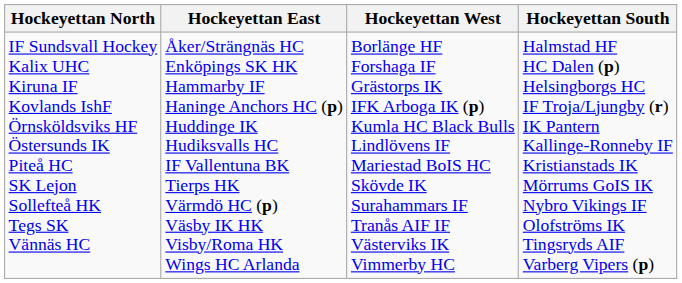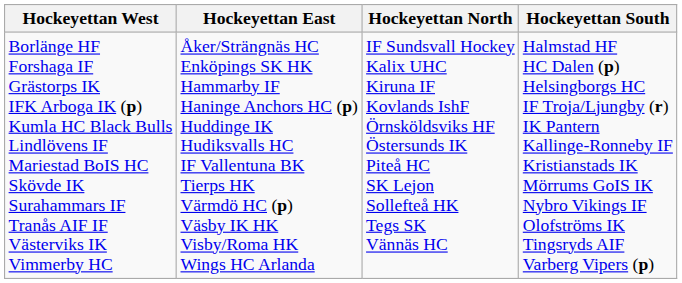 <table class="wikitable">
 <tr>
+<th>Hockeyettan West</th>
+<th>Hockeyettan East</th>
 <th>Hockeyettan North</th>
-<th>Hockeyettan East</th>
-<th>Hockeyettan West</th>
 <th>Hockeyettan South</th>
 </tr>
 <tr>
+<td valign=top><a href='#'>Borlänge HF</a><br><a href='#'>Forshaga IF</a><br><a href='#'>Grästorps IK</a><br><a href='#'>IFK Arboga IK</a> (<strong>p</strong>)<br><a href='#'>Kumla HC Black Bulls</a><br><a href='#'>Lindlövens IF</a><br><a href='#'>Mariestad BoIS HC</a><br><a href='#'>Skövde IK</a><br><a href='#'>Surahammars IF</a><br><a href='#'>Tranås AIF IF</a><br><a href='#'>Västerviks IK</a><br><a href='#'>Vimmerby HC</a></td>
+<td valign=top><a href='#'>Åker/Strängnäs HC</a><br><a href='#'>Enköpings SK HK</a><br><a href='#'>Hammarby IF</a><br><a href='#'>Haninge Anchors HC</a> (<strong>p</strong>)<br><a href='#'>Huddinge IK</a><br><a href='#'>Hudiksvalls HC</a><br><a href='#'>IF Vallentuna BK</a><br><a href='#'>Tierps HK</a><br><a href='#'>Värmdö HC</a> (<strong>p</strong>)<br><a href='#'>Väsby IK HK</a><br><a href='#'>Visby/Roma HK</a><br><a href='#'>Wings HC Arlanda</a></td>
 <td valign=top><a href='#'>IF Sundsvall Hockey</a><br><a href='#'>Kalix UHC</a><br><a href='#'>Kiruna IF</a><br><a href='#'>Kovlands IshF</a><br><a href='#'>Örnsköldsviks HF</a><br><a href='#'>Östersunds IK</a><br><a href='#'>Piteå HC</a><br><a href='#'>SK Lejon</a><br><a href='#'>Sollefteå HK</a><br><a href='#'>Tegs SK</a><br><a href='#'>Vännäs HC</a></td>
-<td valign=top><a href='#'>Åker/Strängnäs HC</a><br><a href='#'>Enköpings SK HK</a><br><a href='#'>Hammarby IF</a><br><a href='#'>Haninge Anchors HC</a> (<strong>p</strong>)<br><a href='#'>Huddinge IK</a><br><a href='#'>Hudiksvalls HC</a><br><a href='#'>IF Vallentuna BK</a><br><a href='#'>Tierps HK</a><br><a href='#'>Värmdö HC</a> (<strong>p</strong>)<br><a href='#'>Väsby IK HK</a><br><a href='#'>Visby/Roma HK</a><br><a href='#'>Wings HC Arlanda</a></td>
-<td valign=top><a href='#'>Borlänge HF</a><br><a href='#'>Forshaga IF</a><br><a href='#'>Grästorps IK</a><br><a href='#'>IFK Arboga IK</a> (<strong>p</strong>)<br><a href='#'>Kumla HC Black Bulls</a><br><a href='#'>Lindlövens IF</a><br><a href='#'>Mariestad BoIS HC</a><br><a href='#'>Skövde IK</a><br><a href='#'>Surahammars IF</a><br><a href='#'>Tranås AIF IF</a><br><a href='#'>Västerviks IK</a><br><a href='#'>Vimmerby HC</a></td>
 <td valign=top><a href='#'>Halmstad HF</a><br><a href='#'>HC Dalen</a> (<strong>p</strong>)<br><a href='#'>Helsingborgs HC</a><br><a href='#'>IF Troja/Ljungby</a> (<strong>r</strong>)<br><a href='#'>IK Pantern</a><br><a href='#'>Kallinge-Ronneby IF</a><br><a href='#'>Kristianstads IK</a><br><a href='#'>Mörrums GoIS IK</a><br><a href='#'>Nybro Vikings IF</a><br><a href='#'>Olofströms IK</a><br><a href='#'>Tingsryds AIF</a><br><a href='#'>Varberg Vipers</a> (<strong>p</strong>)</td>
 </tr>
 </table>
